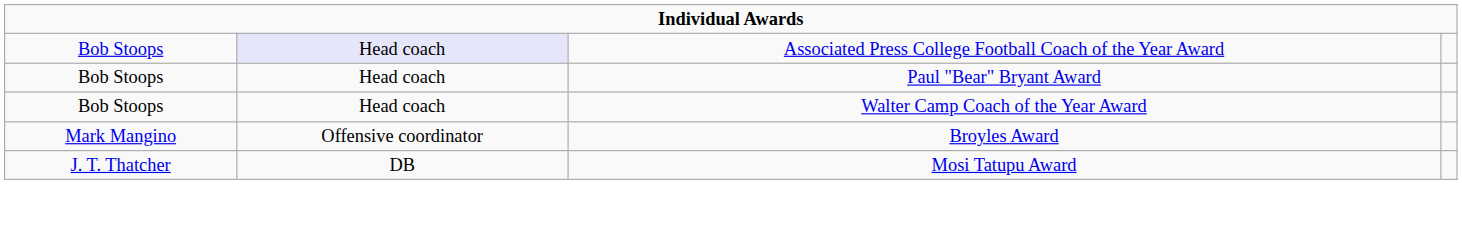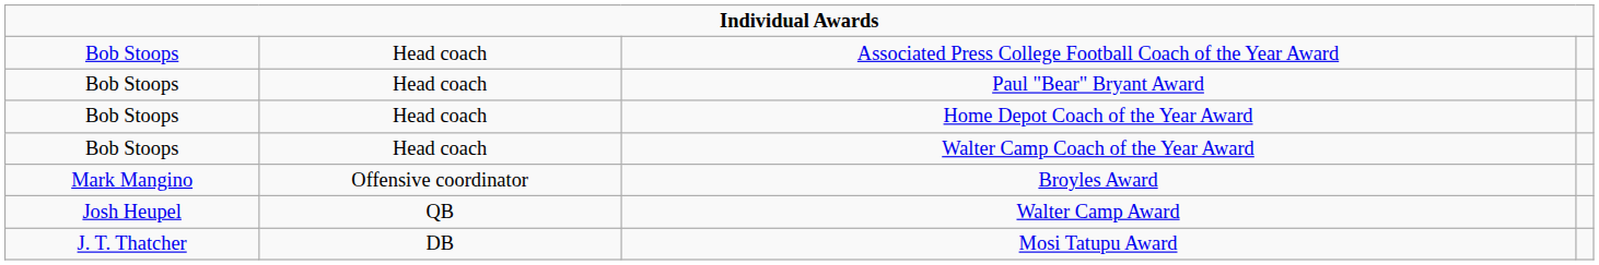 <table class="wikitable" style="width:100%;text-align: center;">
 <tr>
 <td colspan=4><strong>Individual Awards</strong><br></td>
 </tr>
 <tr align="center">
 <td><a href='#'>Bob Stoops</a></td>
-<td style="background: lavender;">Head coach</td>
+<td>Head coach</td>
 <td><a href='#'>Associated Press College Football Coach of the Year Award</a></td>
 <td></td>
 </tr>
 <tr align="center">
 <td>Bob Stoops</td>
 <td>Head coach</td>
 <td><a href='#'>Paul "Bear" Bryant Award</a></td>
+<td></td>
+</tr>
+<tr align="center">
+<td>Bob Stoops</td>
+<td>Head coach</td>
+<td><a href='#'>Home Depot Coach of the Year Award</a></td>
 <td></td>
 </tr>
 <tr align="center">
 <td>Bob Stoops</td>
 <td>Head coach</td>
 <td><a href='#'>Walter Camp Coach of the Year Award</a></td>
 <td></td>
 </tr>
 <tr align="center">
 <td><a href='#'>Mark Mangino</a></td>
 <td>Offensive coordinator</td>
 <td><a href='#'>Broyles Award</a></td>
 </tr>
 <tr align="center">
+<td><a href='#'>Josh Heupel</a></td>
+<td>QB</td>
+<td><a href='#'>Walter Camp Award</a></td>
+<td></td>
+</tr>
+<tr align="center">
 <td><a href='#'>J. T. Thatcher</a></td>
 <td>DB</td>
 <td><a href='#'>Mosi Tatupu Award</a></td>
 <td></td>
 </tr>
 </table>
